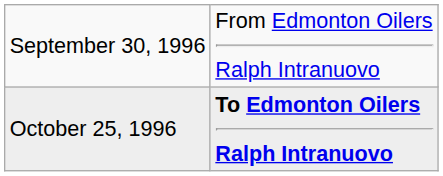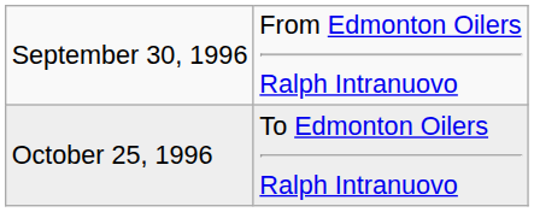 <table class="wikitable">
 <tr>
 <td>September 30, 1996</td>
 <td valign="top">From <a href='#'>Edmonton Oilers</a><hr><a href='#'>Ralph Intranuovo</a></td>
 </tr>
 <tr bgcolor="#eeeeee">
 <td>October 25, 1996</td>
-<td valign="top"><strong>To <a href='#'>Edmonton Oilers</a><hr><a href='#'>Ralph Intranuovo</a></strong></td>
+<td valign="top">To <a href='#'>Edmonton Oilers</a><hr><a href='#'>Ralph Intranuovo</a></td>
 </tr>
 </table>
